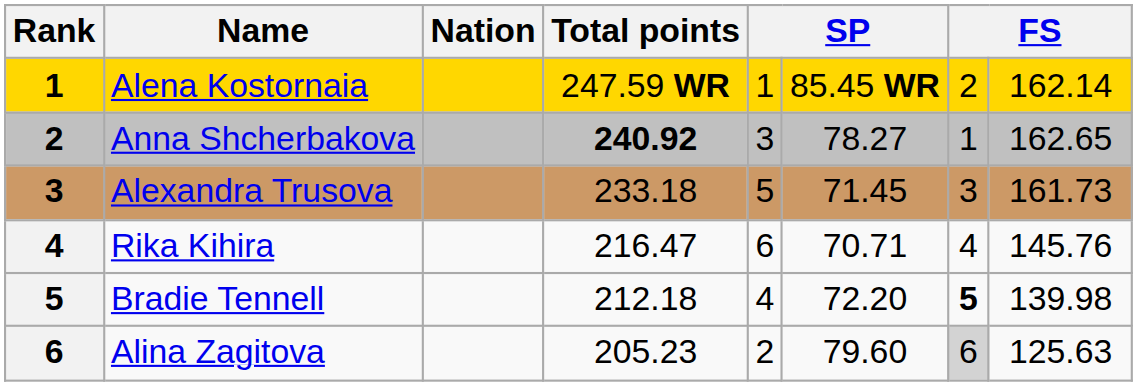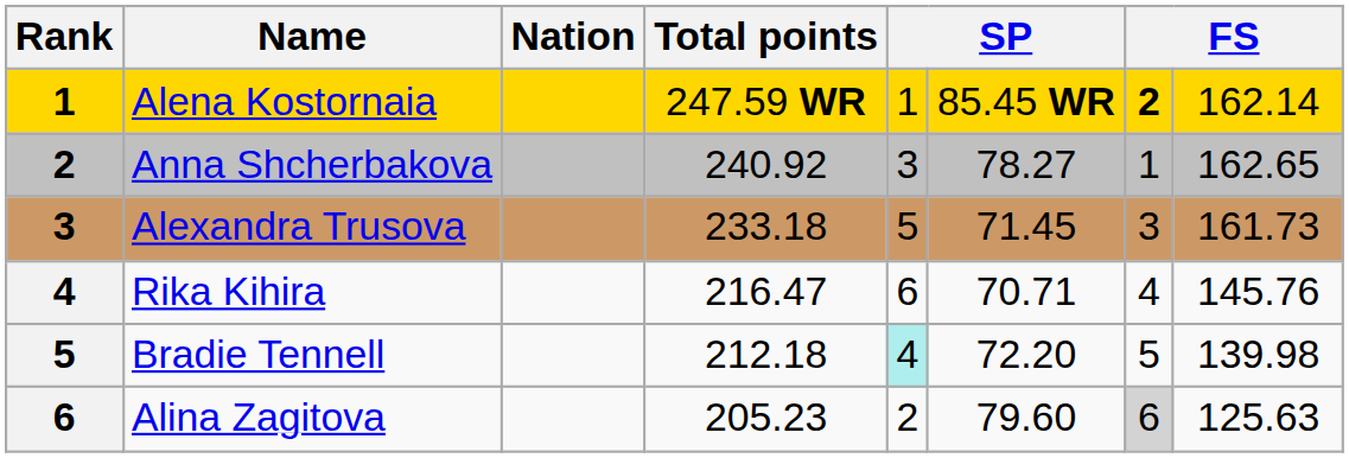 <table class="wikitable sortable">
 <tr>
 <th>Rank</th>
 <th>Name</th>
 <th>Nation</th>
 <th>Total points</th>
 <th width="80" colspan="2"><a href='#'>SP</a></th>
 <th width="80" colspan="2"><a href='#'>FS</a></th>
 </tr>
 <tr bgcolor="gold">
 <td align="center"><strong>1</strong></td>
 <td><a href='#'>Alena Kostornaia</a></td>
 <td></td>
 <td align="center">247.59 <strong>WR</strong></td>
 <td align="center">1</td>
 <td align="center">85.45 <strong>WR</strong></td>
-<td align="center">2</td>
+<td align="center"><strong>2</strong></td>
 <td align="center">162.14</td>
 </tr>
 <tr bgcolor="silver">
 <td align="center"><strong>2</strong></td>
 <td><a href='#'>Anna Shcherbakova</a></td>
 <td></td>
-<td align="center"><strong>240.92</strong></td>
+<td align="center">240.92</td>
 <td align="center">3</td>
 <td align="center">78.27</td>
 <td align="center">1</td>
 <td align="center">162.65</td>
 </tr>
 <tr bgcolor="#cc9966">
 <td align="center"><strong>3</strong></td>
 <td><a href='#'>Alexandra Trusova</a></td>
 <td></td>
 <td align="center">233.18</td>
 <td align="center">5</td>
 <td align="center">71.45</td>
 <td align="center">3</td>
 <td align="center">161.73</td>
 </tr>
 <tr>
 <th align="center">4</th>
 <td><a href='#'>Rika Kihira</a></td>
 <td></td>
 <td align="center">216.47</td>
 <td align="center">6</td>
 <td align="center">70.71</td>
 <td align="center">4</td>
 <td align="center">145.76</td>
 </tr>
 <tr>
 <th align="center">5</th>
 <td><a href='#'>Bradie Tennell</a></td>
 <td></td>
 <td align="center">212.18</td>
-<td align="center">4</td>
+<td align="center" style="background: paleturquoise;">4</td>
 <td align="center">72.20</td>
-<td align="center"><strong>5</strong></td>
+<td align="center">5</td>
 <td align="center">139.98</td>
 </tr>
 <tr>
 <th align="center">6</th>
 <td><a href='#'>Alina Zagitova</a></td>
 <td></td>
 <td align="center">205.23</td>
 <td align="center">2</td>
 <td align="center">79.60</td>
 <td align="center" style="background: lightgrey;">6</td>
 <td align="center">125.63</td>
 </tr>
 </table>
